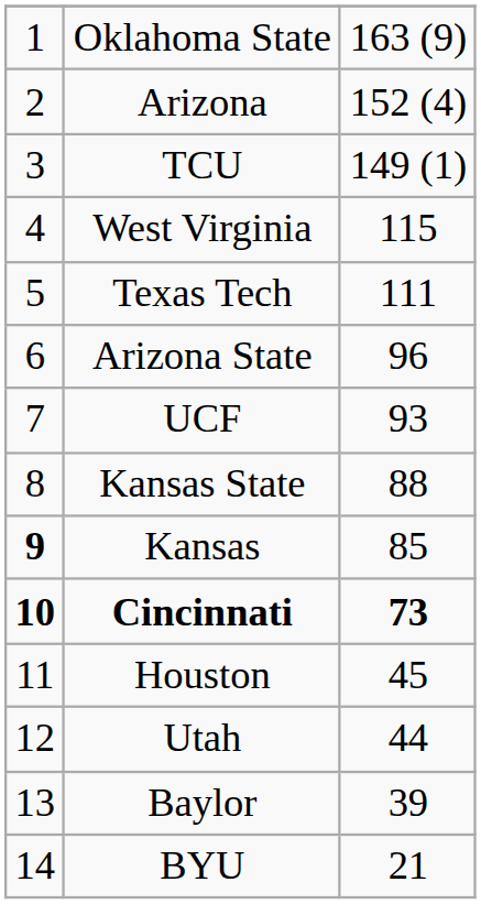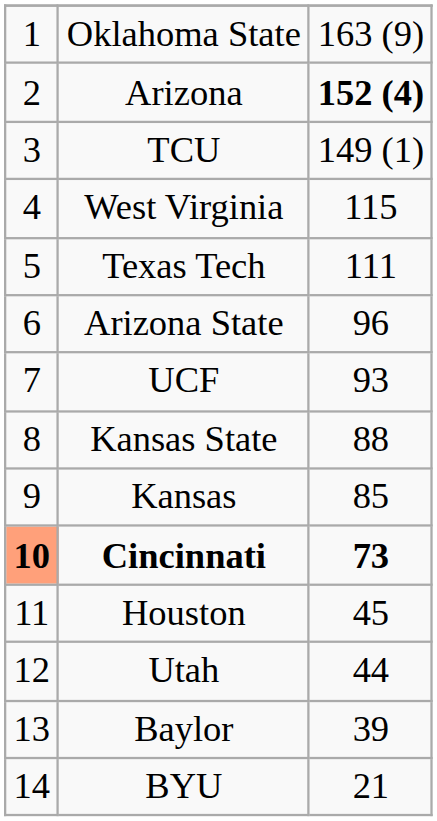 <table class="wikitable" style="display: inline-table;">
 <tr align="center">
 </tr>
 <tr align="center">
 <td>1</td>
 <td>Oklahoma State</td>
 <td>163 (9)</td>
 </tr>
 <tr align="center">
 <td>2</td>
 <td>Arizona</td>
-<td>152 (4)</td>
+<td><strong>152 (4)</strong></td>
 </tr>
 <tr align="center">
 <td>3</td>
 <td>TCU</td>
 <td>149 (1)</td>
 </tr>
 <tr align="center">
 <td>4</td>
 <td>West Virginia</td>
 <td>115</td>
 </tr>
 <tr align="center">
 <td>5</td>
 <td>Texas Tech</td>
 <td>111</td>
 </tr>
 <tr align="center">
 <td>6</td>
 <td>Arizona State</td>
 <td>96</td>
 </tr>
 <tr align="center">
 <td>7</td>
 <td>UCF</td>
 <td>93</td>
 </tr>
 <tr align="center">
 <td>8</td>
 <td>Kansas State</td>
 <td>88</td>
 </tr>
 <tr align="center">
-<td><strong>9</strong></td>
+<td>9</td>
 <td>Kansas</td>
 <td>85</td>
 </tr>
 <tr align="center">
-<td><strong>10</strong></td>
+<td style="background: lightsalmon;"><strong>10</strong></td>
 <td><strong>Cincinnati</strong></td>
 <td><strong>73</strong></td>
 </tr>
 <tr align="center">
 <td>11</td>
 <td>Houston</td>
 <td>45</td>
 </tr>
 <tr align="center">
 <td>12</td>
 <td>Utah</td>
 <td>44</td>
 </tr>
 <tr align="center">
 <td>13</td>
 <td>Baylor</td>
 <td>39</td>
 </tr>
 <tr align="center">
 <td>14</td>
 <td>BYU</td>
 <td>21</td>
 </tr>
 </table>
